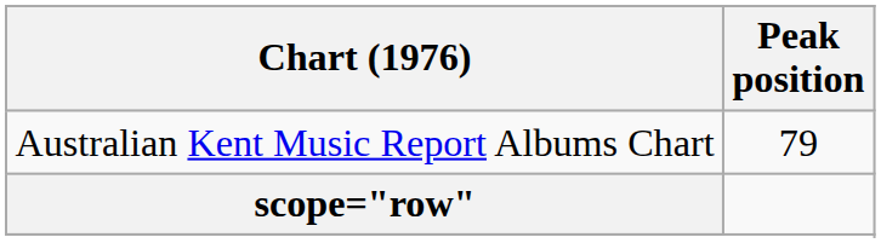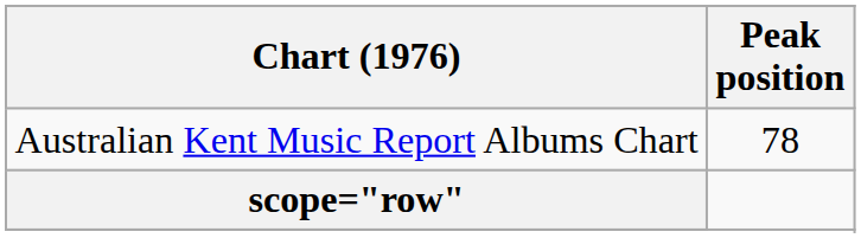 <table class="wikitable sortable plainrowheaders" style="text-align:center">
 <tr>
 <th scope="col">Chart (1976)</th>
 <th scope="col">Peak<br>position</th>
 </tr>
 <tr>
 <td>Australian <a href='#'>Kent Music Report</a> Albums Chart</td>
-<td align="center">79</td>
+<td align="center">78</td>
 </tr>
 <tr>
 <th>scope="row"</th>
 </tr>
 <tr>
 </tr>
 </table>
